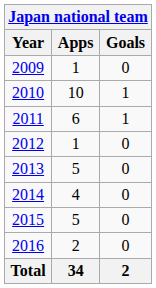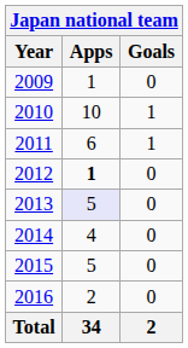 <table class="wikitable" style="text-align:center">
 <tr>
 <th colspan=3><a href='#'>Japan national team</a></th>
 </tr>
 <tr>
 <th>Year</th>
 <th>Apps</th>
 <th>Goals</th>
 </tr>
 <tr>
 <td><a href='#'>2009</a></td>
 <td>1</td>
 <td>0</td>
 </tr>
 <tr>
 <td><a href='#'>2010</a></td>
 <td>10</td>
 <td>1</td>
 </tr>
 <tr>
 <td><a href='#'>2011</a></td>
 <td>6</td>
 <td>1</td>
 </tr>
 <tr>
 <td><a href='#'>2012</a></td>
-<td>1</td>
+<td><strong>1</strong></td>
 <td>0</td>
 </tr>
 <tr>
 <td><a href='#'>2013</a></td>
-<td>5</td>
+<td style="background: lavender;">5</td>
 <td>0</td>
 </tr>
 <tr>
 <td><a href='#'>2014</a></td>
 <td>4</td>
 <td>0</td>
 </tr>
 <tr>
 <td><a href='#'>2015</a></td>
 <td>5</td>
 <td>0</td>
 </tr>
 <tr>
 <td><a href='#'>2016</a></td>
 <td>2</td>
 <td>0</td>
 </tr>
 <tr>
 <th>Total</th>
 <th>34</th>
 <th>2</th>
 </tr>
 </table>
